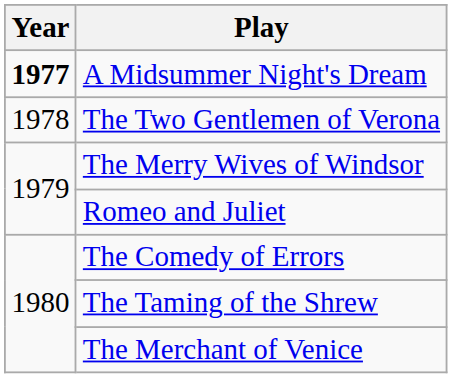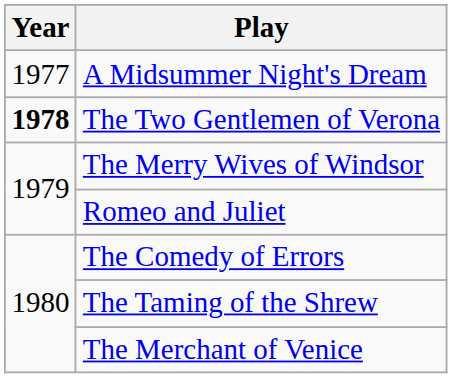 <table class="wikitable mw-collapsible">
 <tr>
 <th>Year</th>
 <th>Play</th>
 </tr>
 <tr>
-<td><strong>1977</strong></td>
+<td>1977</td>
 <td><a href='#'>A Midsummer Night's Dream</a></td>
 </tr>
 <tr>
-<td>1978</td>
+<td><strong>1978</strong></td>
 <td><a href='#'>The Two Gentlemen of Verona</a></td>
 </tr>
 <tr>
 <td rowspan="2">1979</td>
 <td><a href='#'>The Merry Wives of Windsor</a></td>
 </tr>
 <tr>
 <td><a href='#'>Romeo and Juliet</a></td>
 </tr>
 <tr>
 <td rowspan="3">1980</td>
 <td><a href='#'>The Comedy of Errors</a></td>
 </tr>
 <tr>
 <td><a href='#'>The Taming of the Shrew</a></td>
 </tr>
 <tr>
 <td><a href='#'>The Merchant of Venice</a></td>
 </tr>
 </table>
